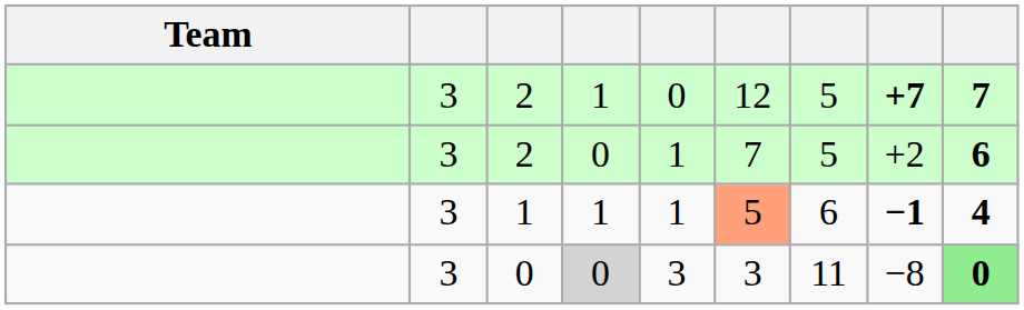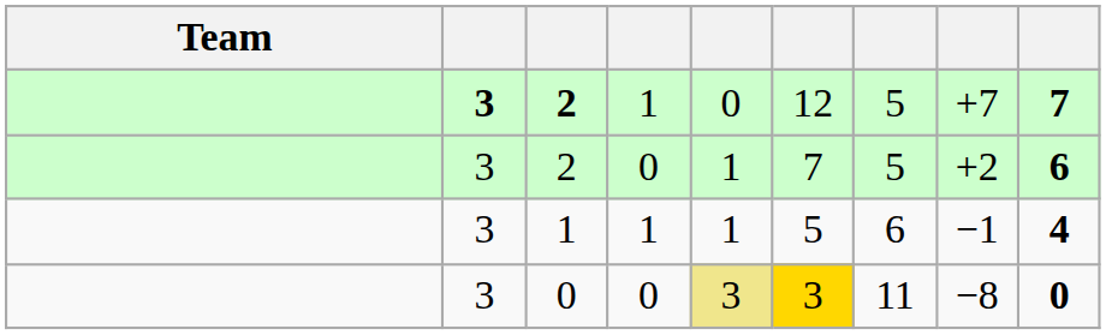 <table class="wikitable" style="text-align: center;">
 <tr>
 <th width="165">Team</th>
 <th width="25"></th>
 <th width="25"></th>
 <th width="25"></th>
 <th width="25"></th>
 <th width="25"></th>
 <th width="25"></th>
 <th width="25"></th>
 <th width="25"></th>
 </tr>
 <tr style="background:#ccffcc;">
 <td style="text-align:left;"></td>
-<td>3</td>
-<td>2</td>
+<td><strong>3</strong></td>
+<td><strong>2</strong></td>
 <td>1</td>
 <td>0</td>
 <td>12</td>
 <td>5</td>
-<td><strong>+7</strong></td>
+<td>+7</td>
 <td><strong>7</strong></td>
 </tr>
 <tr bgcolor=#ccffcc align=center>
 <td style="text-align:left;"></td>
 <td>3</td>
 <td>2</td>
 <td>0</td>
 <td>1</td>
 <td>7</td>
 <td>5</td>
 <td>+2</td>
 <td><strong>6</strong></td>
 </tr>
 <tr align=center>
 <td style="text-align:left;"></td>
 <td>3</td>
 <td>1</td>
 <td>1</td>
 <td>1</td>
-<td style="background: lightsalmon;">5</td>
+<td>5</td>
 <td>6</td>
-<td><strong>−1</strong></td>
+<td>−1</td>
 <td><strong>4</strong></td>
 </tr>
 <tr align=center>
 <td style="text-align:left;"></td>
 <td>3</td>
 <td>0</td>
-<td style="background: lightgrey;">0</td>
-<td>3</td>
-<td>3</td>
+<td>0</td>
+<td style="background: khaki;">3</td>
+<td style="background: gold;">3</td>
 <td>11</td>
 <td>−8</td>
-<td style="background: lightgreen;"><strong>0</strong></td>
+<td><strong>0</strong></td>
 </tr>
 </table>
